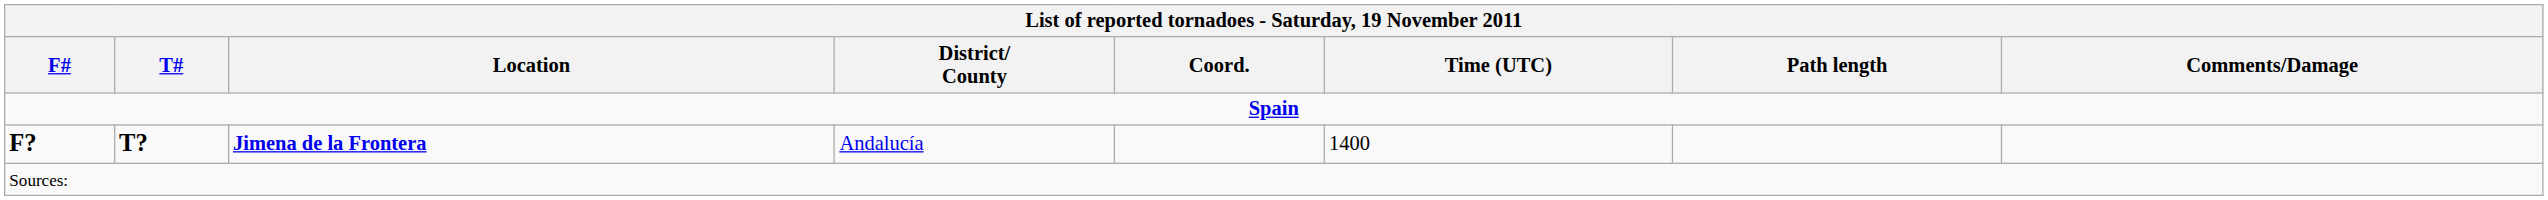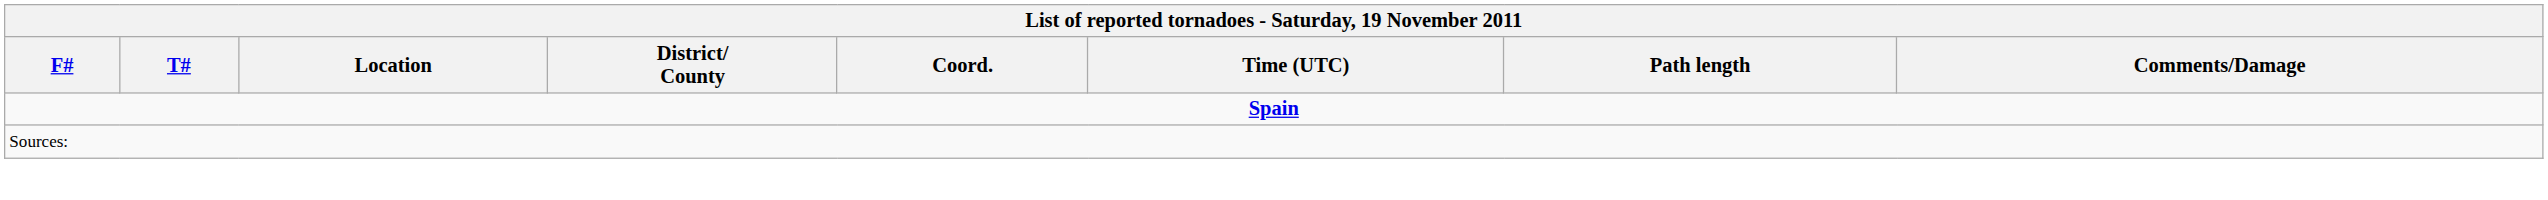 <table class="wikitable collapsible" width="100%">
 <tr>
 <th colspan="8">List of reported tornadoes - Saturday, 19 November 2011</th>
 </tr>
 <tr>
 <th><a href='#'>F#</a></th>
 <th><a href='#'>T#</a></th>
 <th>Location</th>
 <th>District/<br>County</th>
 <th>Coord.</th>
 <th>Time (UTC)</th>
 <th>Path length</th>
 <th>Comments/Damage</th>
 </tr>
 <tr>
 <td colspan="8" align=center><strong><a href='#'>Spain</a></strong></td>
 </tr>
 <tr>
-<td><big><strong>F?</strong></big></td>
-<td><big><strong>T?</strong></big></td>
-<td><strong><a href='#'>Jimena de la Frontera</a></strong></td>
-<td><a href='#'>Andalucía</a></td>
-<td></td>
-<td>1400</td>
-<td></td>
-<td></td>
-</tr>
-<tr>
 <td colspan="8"><small>Sources:  </small></td>
 </tr>
 </table>
